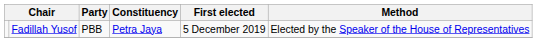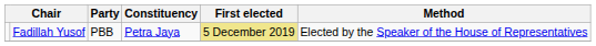 <table class="wikitable">
 <tr>
 <th colspan="2">Chair</th>
 <th>Party</th>
 <th>Constituency</th>
 <th>First elected</th>
 <th>Method</th>
 </tr>
 <tr>
 <td></td>
 <td><a href='#'>Fadillah Yusof</a></td>
 <td>PBB</td>
 <td><a href='#'>Petra Jaya</a></td>
-<td>5 December 2019</td>
+<td style="background: khaki;">5 December 2019</td>
 <td>Elected by the <a href='#'>Speaker of the House of Representatives</a></td>
 </tr>
 <tr>
 </tr>
 </table>
